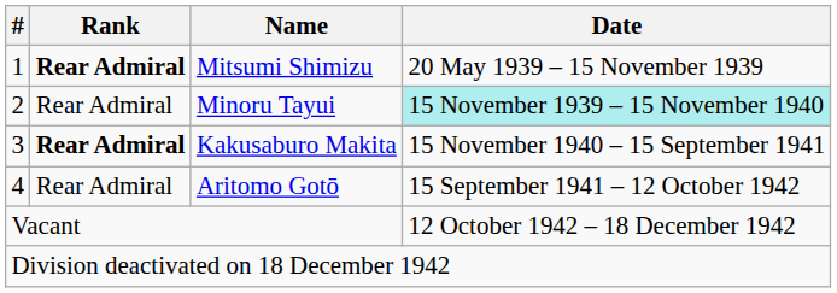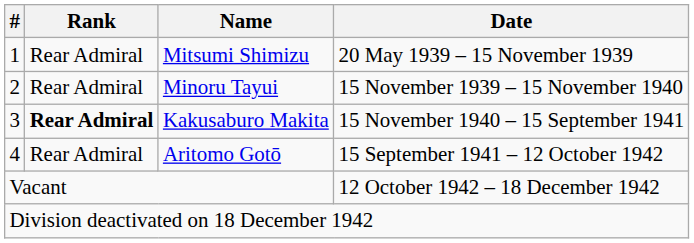 <table class=wikitable>
 <tr>
 <th>#</th>
 <th>Rank</th>
 <th>Name</th>
 <th>Date</th>
 </tr>
 <tr>
 <td>1</td>
-<td><strong>Rear Admiral</strong></td>
+<td>Rear Admiral</td>
 <td><a href='#'>Mitsumi Shimizu</a></td>
 <td>20 May 1939 – 15 November 1939</td>
 </tr>
 <tr>
 <td>2</td>
 <td>Rear Admiral</td>
 <td><a href='#'>Minoru Tayui</a></td>
-<td style="background: paleturquoise;">15 November 1939 – 15 November 1940</td>
+<td>15 November 1939 – 15 November 1940</td>
 </tr>
 <tr>
 <td>3</td>
 <td><strong>Rear Admiral</strong></td>
 <td><a href='#'>Kakusaburo Makita</a></td>
 <td>15 November 1940 – 15 September 1941</td>
 </tr>
 <tr>
 <td>4</td>
 <td>Rear Admiral</td>
 <td><a href='#'>Aritomo Gotō</a></td>
 <td>15 September 1941 – 12 October 1942</td>
 </tr>
 <tr>
 <td colspan=3>Vacant</td>
 <td>12 October 1942 – 18 December 1942</td>
 </tr>
 <tr>
 <td colspan=4>Division deactivated on 18 December 1942</td>
 </tr>
 </table>
